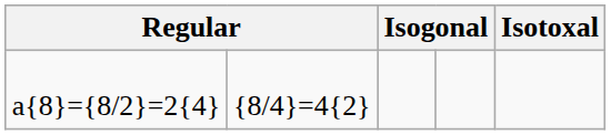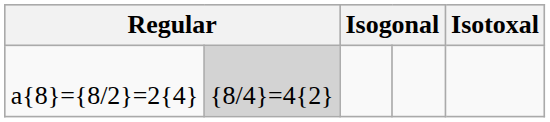 <table class=wikitable>
 <tr>
 <th colspan=2>Regular</th>
 <th colspan=2>Isogonal</th>
 <th>Isotoxal</th>
 </tr>
 <tr align=center valign=top>
 <td><br>a{8}={8/2}=2{4}</td>
-<td><br>{8/4}=4{2}</td>
+<td style="background: lightgrey;"><br>{8/4}=4{2}</td>
 <td></td>
 <td></td>
 <td></td>
 </tr>
 </table>
